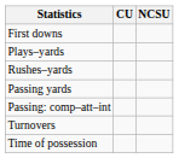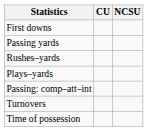 <table class="wikitable" style="float:left">
 <tr>
 <th>Statistics</th>
 <th>CU</th>
 <th>NCSU</th>
 </tr>
 <tr>
 <td>First downs</td>
 <td></td>
 <td></td>
 </tr>
 <tr>
-<td>Plays–yards</td>
+<td>Passing yards</td>
 <td></td>
 <td></td>
 </tr>
 <tr>
 <td>Rushes–yards</td>
 <td></td>
 <td></td>
 </tr>
 <tr>
-<td>Passing yards</td>
+<td>Plays–yards</td>
 <td></td>
 <td></td>
 </tr>
 <tr>
 <td>Passing: comp–att–int</td>
 <td></td>
 <td></td>
 </tr>
 <tr>
 <td>Turnovers</td>
 <td></td>
 <td></td>
 </tr>
 <tr>
 <td>Time of possession</td>
 <td></td>
 <td></td>
 </tr>
 </table>
